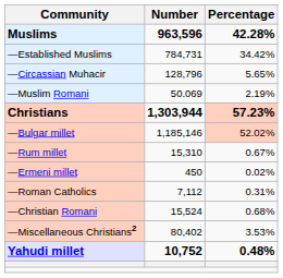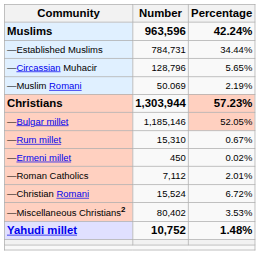 <table class="wikitable sortable">
 <tr>
 <th style="width:130pt;">Community</th>
 <th style="text-align:center;"style="width:100pt;">Number</th>
 <th style="text-align:center;"style="width:100pt;">Percentage</th>
 </tr>
 <tr>
 <td style="background:#E0F0FF;"><strong>Muslims</strong></td>
 <td style="text-align:right;"><strong>963,596</strong></td>
-<td style="text-align:right;"><strong>42.28%</strong></td>
+<td style="text-align:right;"><strong>42.24%</strong></td>
 </tr>
 <tr>
 <td style="background:#E0F0FF;"><small>—Established Muslims</small></td>
 <td style="text-align:right;"><small>784,731</small></td>
-<td style="text-align:right;"><small>34.42%</small></td>
+<td style="text-align:right;"><small>34.44%</small></td>
 </tr>
 <tr>
 <td style="background:#E0F0FF;"><small>—<a href='#'>Circassian</a> Muhacir</small></td>
 <td style="text-align:right;"><small>128,796</small></td>
 <td style="text-align:right;"><small>5.65%</small></td>
 </tr>
 <tr>
 <td style="background:#E0F0FF;"><small>—Muslim <a href='#'>Romani</a></small></td>
 <td style="text-align:right;"><small>50.069</small></td>
 <td style="text-align:right;"><small>2.19%</small></td>
 </tr>
 <tr>
 <td style="background:#FFD0C0;"><strong>Christians</strong></td>
 <td style="text-align:right;"><strong>1,303,944</strong></td>
 <td style="text-align:right; background:#FFD0C0;"><strong>57.23%</strong></td>
 </tr>
 <tr>
 <td style="background:#FFD0C0;"><small>—<a href='#'>Bulgar millet</a></small></td>
 <td style="text-align:right;"><small>1,185,146</small></td>
-<td style="text-align:right; background:#FFD0C0;"><small>52.02%</small></td>
+<td style="text-align:right; background:#FFD0C0;"><small>52.05%</small></td>
 </tr>
 <tr>
 <td style="background:#FFD0C0;"><small>—<a href='#'>Rum millet</a></small></td>
 <td style="text-align:right;"><small>15,310</small></td>
 <td style="text-align:right;"><small>0.67%</small></td>
 </tr>
 <tr>
 <td style="background:#FFD0C0;"><small>—<a href='#'>Ermeni millet</a></small></td>
 <td style="text-align:right;"><small>450</small></td>
 <td style="text-align:right;"><small>0.02%</small></td>
 </tr>
 <tr>
 <td style="background:#FFD0C0;"><small>—Roman Catholics</small></td>
 <td style="text-align:right;"><small>7,112</small></td>
-<td style="text-align:right;"><small>0.31%</small></td>
+<td style="text-align:right;"><small>2.01%</small></td>
 </tr>
 <tr>
 <td style="background:#FFD0C0;"><small>—Christian <a href='#'>Romani</a></small></td>
 <td style="text-align:right;"><small>15,524</small></td>
-<td style="text-align:right;"><small>0.68%</small></td>
+<td style="text-align:right;"><small>6.72%</small></td>
 </tr>
 <tr>
 <td style="background:#FFD0C0;"><small>—Miscellaneous Christians<sup><strong>2</strong></sup></small></td>
 <td style="text-align:right;"><small>80,402</small></td>
 <td style="text-align:right;"><small>3.53%</small></td>
 </tr>
 <tr>
 <td style="background:#E0E0FF;"><strong><a href='#'>Yahudi millet</a></strong></td>
 <td style="text-align:right;"><strong>10,752</strong></td>
-<td style="text-align:right;"><strong>0.48%</strong></td>
+<td style="text-align:right;"><strong>1.48%</strong></td>
 </tr>
 <tr>
 <th style="text-align:left;"></th>
 <th></th>
 <th></th>
 </tr>
 <tr>
 <td colspan="11"></td>
 </tr>
 </table>
